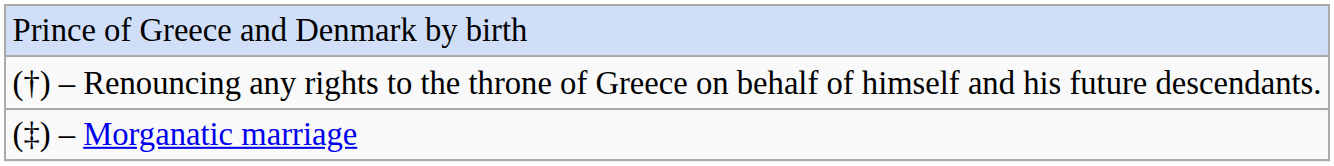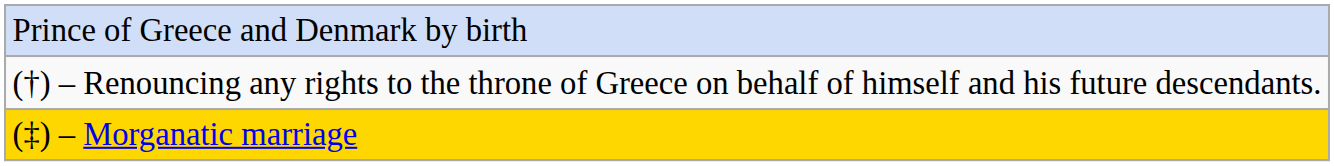 <table class="wikitable">
 <tr>
 <td style="background:#d0def8">Prince of Greece and Denmark by birth</td>
 </tr>
 <tr>
 <td><span>(†)</span> – Renouncing any rights to the throne of Greece on behalf of himself and his future descendants.</td>
 </tr>
 <tr>
-<td><span>(‡)</span> – <a href='#'>Morganatic marriage</a></td>
+<td style="background: gold;"><span>(‡)</span> – <a href='#'>Morganatic marriage</a></td>
 </tr>
 <tr>
 </tr>
 </table>
